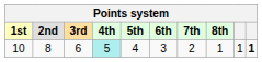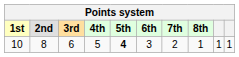 <table class="wikitable" style="font-size:85%; text-align:center">
 <tr>
 <th colspan="10">Points system</th>
 </tr>
 <tr>
 <td style="background:#ffffbf;"> <strong>1st</strong> </td>
 <td style="background:#dfdfdf;"> <strong>2nd</strong> </td>
 <td style="background:#ffdf9f;"> <strong>3rd</strong> </td>
 <td style="background:#dfffdf;"> <strong>4th</strong> </td>
 <td style="background:#dfffdf;"> <strong>5th</strong> </td>
 <td style="background:#dfffdf;"> <strong>6th</strong> </td>
 <td style="background:#dfffdf;"> <strong>7th</strong> </td>
 <td style="background:#dfffdf;"> <strong>8th</strong> </td>
 <th></th>
 <th></th>
 </tr>
 <tr>
 <td>10</td>
 <td>8</td>
 <td>6</td>
-<td style="background: paleturquoise;">5</td>
-<td>4</td>
+<td>5</td>
+<td><strong>4</strong></td>
 <td>3</td>
 <td>2</td>
 <td>1</td>
 <td>1</td>
-<td><strong>1</strong></td>
+<td>1</td>
 </tr>
 </table>
